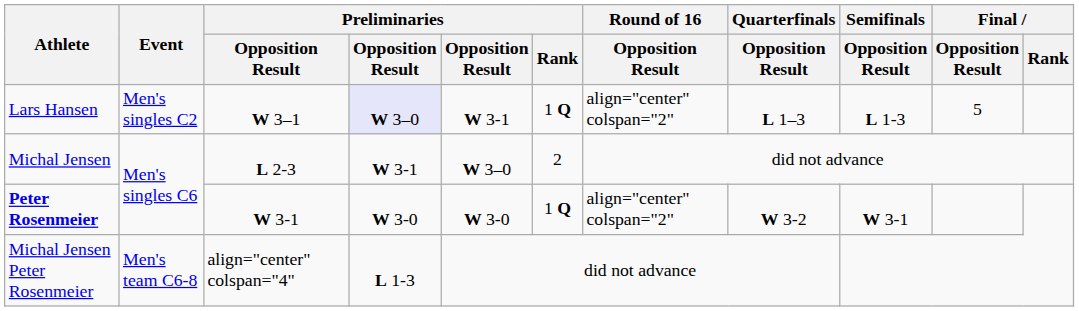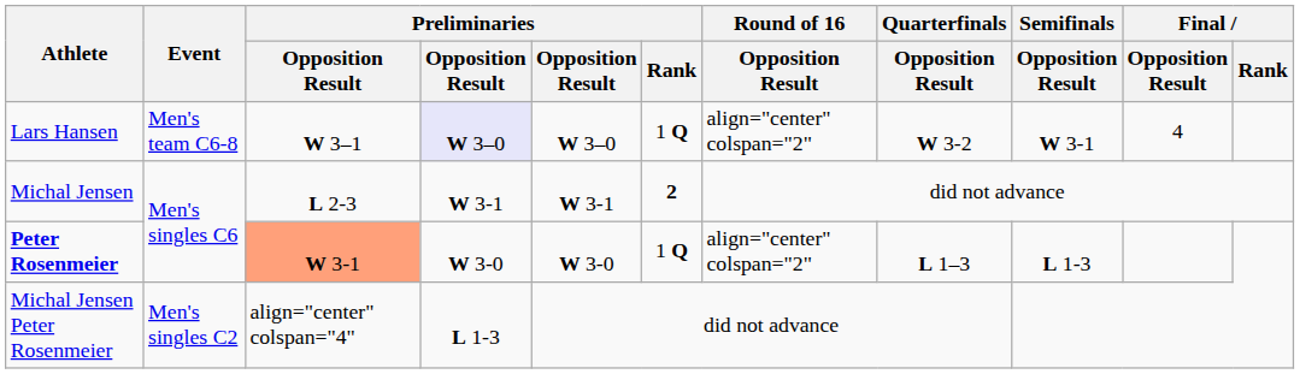 <table class=wikitable style="font-size:90%">
 <tr>
 <th rowspan="2">Athlete</th>
 <th rowspan="2">Event</th>
 <th colspan="4">Preliminaries</th>
 <th>Round of 16</th>
 <th>Quarterfinals</th>
 <th>Semifinals</th>
 <th colspan="2">Final / </th>
 </tr>
 <tr>
 <th>Opposition<br>Result</th>
 <th>Opposition<br>Result</th>
 <th>Opposition<br>Result</th>
 <th>Rank</th>
 <th>Opposition<br>Result</th>
 <th>Opposition<br>Result</th>
 <th>Opposition<br>Result</th>
 <th>Opposition<br>Result</th>
 <th>Rank</th>
 </tr>
 <tr>
 <td><a href='#'>Lars Hansen</a></td>
-<td><a href='#'>Men's singles C2</a></td>
+<td><a href='#'>Men's team C6-8</a></td>
 <td align="center"><br><strong>W</strong> 3–1</td>
 <td align="center" style="background: lavender;"><br><strong>W</strong> 3–0</td>
-<td align="center"><br><strong>W</strong> 3-1</td>
+<td align="center"><br><strong>W</strong> 3–0</td>
 <td align="center">1 <strong>Q</strong></td>
 <td>align="center" colspan="2" </td>
-<td align="center"><br><strong>L</strong> 1–3</td>
-<td align="center"><br><strong>L</strong> 1-3</td>
-<td align="center">5</td>
+<td align="center"><br><strong>W</strong> 3-2</td>
+<td align="center"><br><strong>W</strong> 3-1</td>
+<td align="center">4</td>
 </tr>
 <tr>
 <td><a href='#'>Michal Jensen</a></td>
 <td rowspan="2"><a href='#'>Men's singles C6</a></td>
 <td align="center"><br><strong>L</strong> 2-3</td>
 <td align="center"><br><strong>W</strong> 3-1</td>
-<td align="center"><br><strong>W</strong> 3–0</td>
-<td align="center">2</td>
+<td align="center"><br><strong>W</strong> 3-1</td>
+<td align="center"><strong>2</strong></td>
 <td align="center" colspan="5">did not advance</td>
 </tr>
 <tr>
 <td><strong><a href='#'>Peter Rosenmeier</a></strong></td>
-<td align="center"><br><strong>W</strong> 3-1</td>
+<td align="center" style="background: lightsalmon;"><br><strong>W</strong> 3-1</td>
 <td align="center"><br><strong>W</strong> 3-0</td>
 <td align="center"><br><strong>W</strong> 3-0</td>
 <td align="center">1 <strong>Q</strong></td>
 <td>align="center" colspan="2" </td>
-<td align="center"><br><strong>W</strong> 3-2</td>
-<td align="center"><br><strong>W</strong> 3-1</td>
+<td align="center"><br><strong>L</strong> 1–3</td>
+<td align="center"><br><strong>L</strong> 1-3</td>
 <td align="center"></td>
 </tr>
 <tr>
 <td><a href='#'>Michal Jensen</a><br> <a href='#'>Peter Rosenmeier</a></td>
-<td><a href='#'>Men's team C6-8</a></td>
+<td><a href='#'>Men's singles C2</a></td>
 <td>align="center" colspan="4" </td>
 <td align="center"><br><strong>L</strong> 1-3</td>
 <td align="center" colspan="4">did not advance</td>
 </tr>
 </table>
